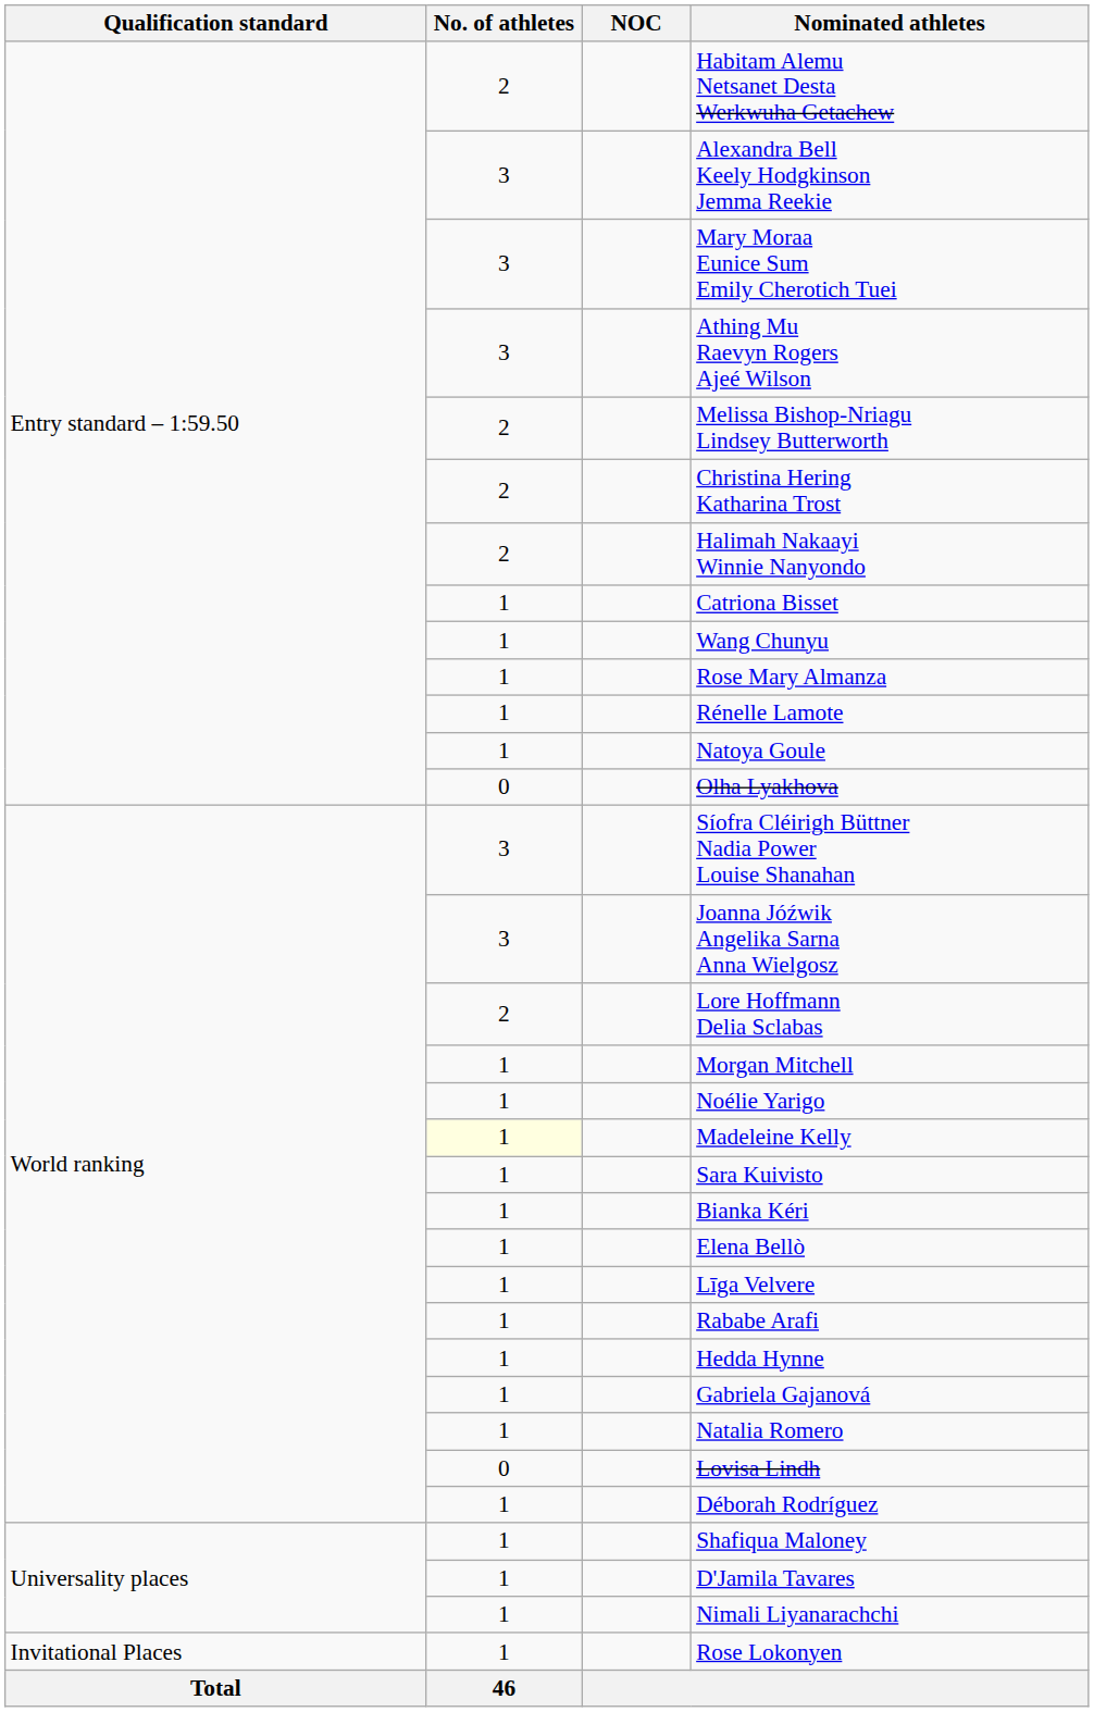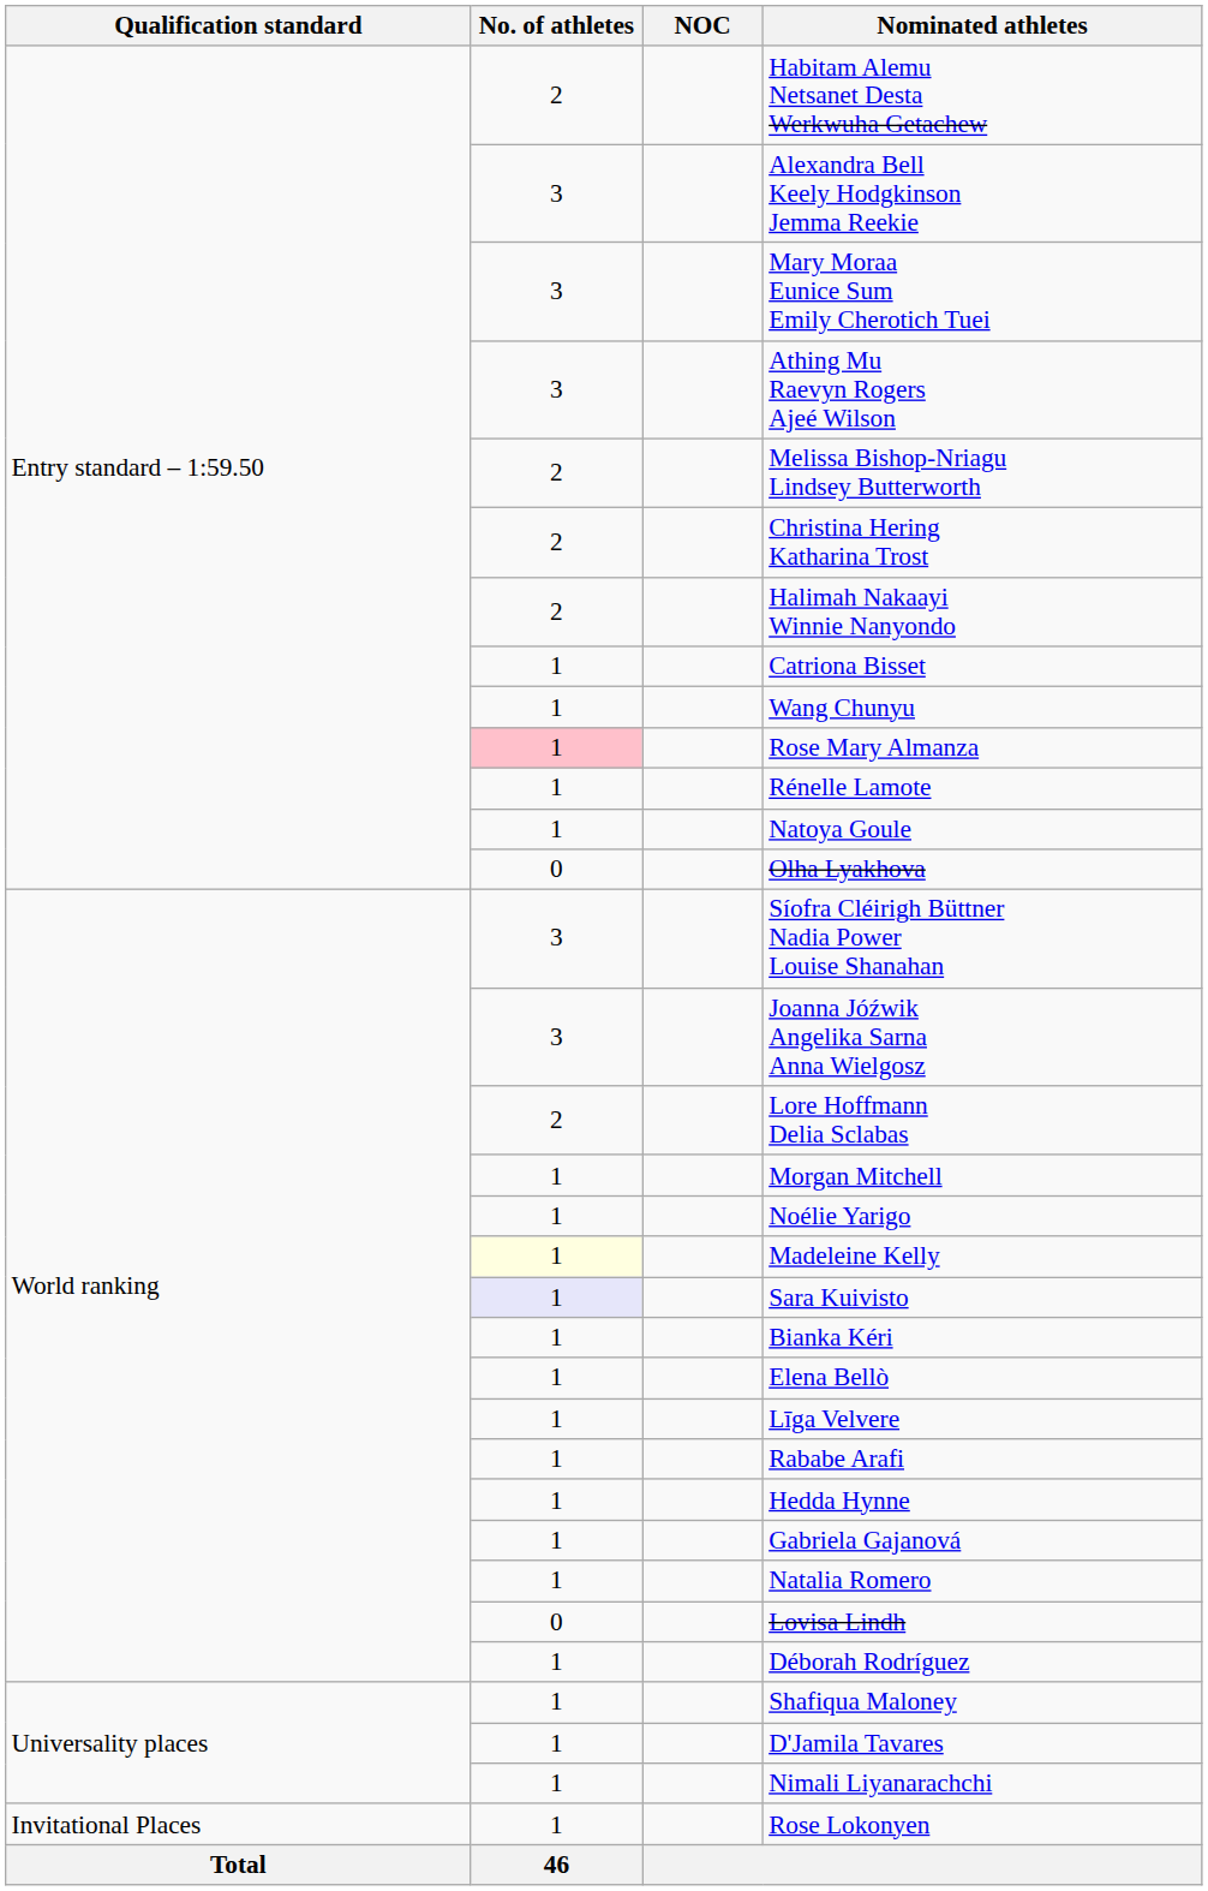 <table class="wikitable" style="text-align:left; width:750px;">
 <tr>
 <th>Qualification standard</th>
 <th width=100>No. of athletes</th>
 <th>NOC</th>
 <th>Nominated athletes</th>
 </tr>
 <tr>
 <td rowspan=13>Entry standard – 1:59.50</td>
 <td align=center>2</td>
 <td></td>
 <td><a href='#'>Habitam Alemu</a><br><a href='#'>Netsanet Desta</a><br><s><a href='#'>Werkwuha Getachew</a></s></td>
 </tr>
 <tr>
 <td align=center>3</td>
 <td></td>
 <td><a href='#'>Alexandra Bell</a><br><a href='#'>Keely Hodgkinson</a><br><a href='#'>Jemma Reekie</a></td>
 </tr>
 <tr>
 <td align=center>3</td>
 <td></td>
 <td><a href='#'>Mary Moraa</a><br><a href='#'>Eunice Sum</a><br><a href='#'>Emily Cherotich Tuei</a></td>
 </tr>
 <tr>
 <td align=center>3</td>
 <td></td>
 <td><a href='#'>Athing Mu</a><br><a href='#'>Raevyn Rogers</a><br><a href='#'>Ajeé Wilson</a></td>
 </tr>
 <tr>
 <td align=center>2</td>
 <td></td>
 <td><a href='#'>Melissa Bishop-Nriagu</a><br><a href='#'>Lindsey Butterworth</a></td>
 </tr>
 <tr>
 <td align=center>2</td>
 <td></td>
 <td><a href='#'>Christina Hering</a><br><a href='#'>Katharina Trost</a></td>
 </tr>
 <tr>
 <td align="center">2</td>
 <td></td>
 <td><a href='#'>Halimah Nakaayi</a><br><a href='#'>Winnie Nanyondo</a></td>
 </tr>
 <tr>
 <td align=center>1</td>
 <td></td>
 <td><a href='#'>Catriona Bisset</a></td>
 </tr>
 <tr>
 <td align=center>1</td>
 <td></td>
 <td><a href='#'>Wang Chunyu</a></td>
 </tr>
 <tr>
-<td align=center>1</td>
+<td align=center style="background: pink;">1</td>
 <td></td>
 <td><a href='#'>Rose Mary Almanza</a></td>
 </tr>
 <tr>
 <td align=center>1</td>
 <td></td>
 <td><a href='#'>Rénelle Lamote</a></td>
 </tr>
 <tr>
 <td align=center>1</td>
 <td></td>
 <td><a href='#'>Natoya Goule</a></td>
 </tr>
 <tr>
 <td align=center>0</td>
 <td></td>
 <td><s><a href='#'>Olha Lyakhova</a></s></td>
 </tr>
 <tr>
 <td rowspan=16>World ranking</td>
 <td align=center>3</td>
 <td></td>
 <td><a href='#'>Síofra Cléirigh Büttner</a><br><a href='#'>Nadia Power</a><br><a href='#'>Louise Shanahan</a></td>
 </tr>
 <tr>
 <td align=center>3</td>
 <td></td>
 <td><a href='#'>Joanna Jóźwik</a><br><a href='#'>Angelika Sarna</a><br><a href='#'>Anna Wielgosz</a></td>
 </tr>
 <tr>
 <td align=center>2</td>
 <td></td>
 <td><a href='#'>Lore Hoffmann</a><br><a href='#'>Delia Sclabas</a></td>
 </tr>
 <tr>
 <td align=center>1</td>
 <td></td>
 <td><a href='#'>Morgan Mitchell</a></td>
 </tr>
 <tr>
 <td align=center>1</td>
 <td></td>
 <td><a href='#'>Noélie Yarigo</a></td>
 </tr>
 <tr>
 <td align=center style="background: lightyellow;">1</td>
 <td></td>
 <td><a href='#'>Madeleine Kelly</a></td>
 </tr>
 <tr>
-<td align=center>1</td>
+<td align=center style="background: lavender;">1</td>
 <td></td>
 <td><a href='#'>Sara Kuivisto</a></td>
 </tr>
 <tr>
 <td align=center>1</td>
 <td></td>
 <td><a href='#'>Bianka Kéri</a></td>
 </tr>
 <tr>
 <td align=center>1</td>
 <td></td>
 <td><a href='#'>Elena Bellò</a></td>
 </tr>
 <tr>
 <td align=center>1</td>
 <td></td>
 <td><a href='#'>Līga Velvere</a></td>
 </tr>
 <tr>
 <td align=center>1</td>
 <td></td>
 <td><a href='#'>Rababe Arafi</a></td>
 </tr>
 <tr>
 <td align=center>1</td>
 <td></td>
 <td><a href='#'>Hedda Hynne</a></td>
 </tr>
 <tr>
 <td align=center>1</td>
 <td></td>
 <td><a href='#'>Gabriela Gajanová</a></td>
 </tr>
 <tr>
 <td align=center>1</td>
 <td></td>
 <td><a href='#'>Natalia Romero</a></td>
 </tr>
 <tr>
 <td align=center>0</td>
 <td></td>
 <td><s><a href='#'>Lovisa Lindh</a></s></td>
 </tr>
 <tr>
 <td align=center>1</td>
 <td></td>
 <td><a href='#'>Déborah Rodríguez</a></td>
 </tr>
 <tr>
 <td rowspan=3>Universality places</td>
 <td align=center>1</td>
 <td></td>
 <td><a href='#'>Shafiqua Maloney</a></td>
 </tr>
 <tr>
 <td align=center>1</td>
 <td></td>
 <td><a href='#'>D'Jamila Tavares</a></td>
 </tr>
 <tr>
 <td align=center>1</td>
 <td></td>
 <td><a href='#'>Nimali Liyanarachchi</a></td>
 </tr>
 <tr>
 <td>Invitational Places</td>
 <td align=center>1</td>
 <td></td>
 <td><a href='#'>Rose Lokonyen</a></td>
 </tr>
 <tr>
 <th>Total</th>
 <th>46</th>
 <th colspan=2></th>
 </tr>
 </table>
